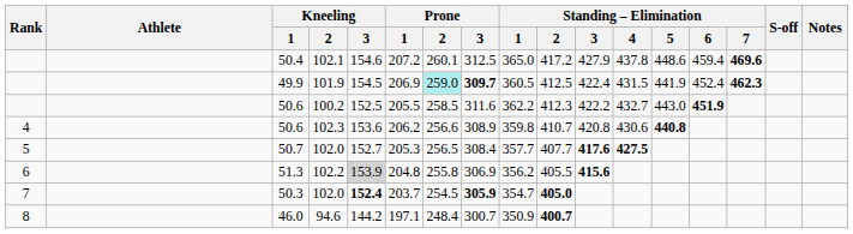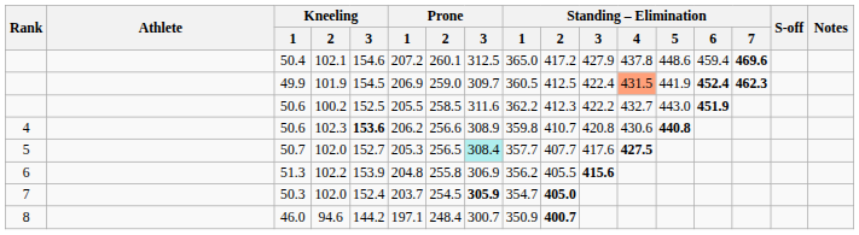 <table class="wikitable" style="text-align:center">
 <tr>
 <th rowspan=2 width=40>Rank</th>
 <th rowspan=2 width=250>Athlete</th>
 <th colspan=3>Kneeling</th>
 <th colspan=3>Prone</th>
 <th colspan=7>Standing – Elimination</th>
 <th rowspan=2 width=35>S-off</th>
 <th rowspan=2 width=45>Notes</th>
 </tr>
 <tr>
 <th width=35>1</th>
 <th width=35>2</th>
 <th width=35>3</th>
 <th width=35>1</th>
 <th width=35>2</th>
 <th width=35>3</th>
 <th width=35>1</th>
 <th width=35>2</th>
 <th width=35>3</th>
 <th width=35>4</th>
 <th width=35>5</th>
 <th width=35>6</th>
 <th width=35>7</th>
 </tr>
 <tr>
 <td></td>
 <td align=left></td>
 <td>50.4</td>
 <td>102.1</td>
 <td>154.6</td>
 <td>207.2</td>
 <td>260.1</td>
 <td>312.5</td>
 <td>365.0</td>
 <td>417.2</td>
 <td>427.9</td>
 <td>437.8</td>
 <td>448.6</td>
 <td>459.4</td>
 <td><strong>469.6</strong></td>
 <td></td>
 <td></td>
 </tr>
 <tr>
 <td></td>
 <td align=left></td>
 <td>49.9</td>
 <td>101.9</td>
 <td>154.5</td>
 <td>206.9</td>
-<td style="background: paleturquoise;">259.0</td>
-<td><strong>309.7</strong></td>
+<td>259.0</td>
+<td>309.7</td>
 <td>360.5</td>
 <td>412.5</td>
 <td>422.4</td>
-<td>431.5</td>
+<td style="background: lightsalmon;">431.5</td>
 <td>441.9</td>
-<td>452.4</td>
+<td><strong>452.4</strong></td>
 <td><strong>462.3</strong></td>
 <td></td>
 <td></td>
 </tr>
 <tr>
 <td></td>
 <td align=left></td>
 <td>50.6</td>
 <td>100.2</td>
 <td>152.5</td>
 <td>205.5</td>
 <td>258.5</td>
 <td>311.6</td>
 <td>362.2</td>
 <td>412.3</td>
 <td>422.2</td>
 <td>432.7</td>
 <td>443.0</td>
 <td><strong>451.9</strong></td>
 <td></td>
 <td></td>
 <td></td>
 </tr>
 <tr>
 <td>4</td>
 <td align=left></td>
 <td>50.6</td>
 <td>102.3</td>
-<td>153.6</td>
+<td><strong>153.6</strong></td>
 <td>206.2</td>
 <td>256.6</td>
 <td>308.9</td>
 <td>359.8</td>
 <td>410.7</td>
 <td>420.8</td>
 <td>430.6</td>
 <td><strong>440.8</strong></td>
 <td></td>
 <td></td>
 <td></td>
 <td></td>
 </tr>
 <tr>
 <td>5</td>
 <td align=left></td>
 <td>50.7</td>
 <td>102.0</td>
 <td>152.7</td>
 <td>205.3</td>
 <td>256.5</td>
-<td>308.4</td>
+<td style="background: paleturquoise;">308.4</td>
 <td>357.7</td>
 <td>407.7</td>
-<td><strong>417.6</strong></td>
+<td>417.6</td>
 <td><strong>427.5</strong></td>
 <td></td>
 <td></td>
 <td></td>
 <td></td>
 <td></td>
 </tr>
 <tr>
 <td>6</td>
 <td align=left></td>
 <td>51.3</td>
 <td>102.2</td>
-<td style="background: lightgrey;">153.9</td>
+<td>153.9</td>
 <td>204.8</td>
 <td>255.8</td>
 <td>306.9</td>
 <td>356.2</td>
 <td>405.5</td>
 <td><strong>415.6</strong></td>
 <td></td>
 <td></td>
 <td></td>
 <td></td>
 <td></td>
 <td></td>
 </tr>
 <tr>
 <td>7</td>
 <td align=left></td>
 <td>50.3</td>
 <td>102.0</td>
-<td><strong>152.4</strong></td>
+<td>152.4</td>
 <td>203.7</td>
 <td>254.5</td>
 <td><strong>305.9</strong></td>
 <td>354.7</td>
 <td><strong>405.0</strong></td>
 <td></td>
 <td></td>
 <td></td>
 <td></td>
 <td></td>
 <td></td>
 <td></td>
 </tr>
 <tr>
 <td>8</td>
 <td align=left></td>
 <td>46.0</td>
 <td>94.6</td>
 <td>144.2</td>
 <td>197.1</td>
 <td>248.4</td>
 <td>300.7</td>
 <td>350.9</td>
 <td><strong>400.7</strong></td>
 <td></td>
 <td></td>
 <td></td>
 <td></td>
 <td></td>
 <td></td>
 <td></td>
 </tr>
 </table>
